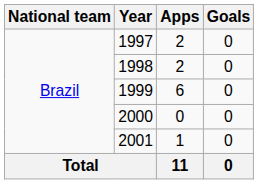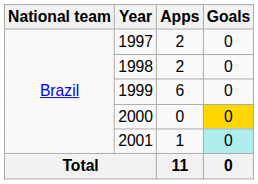 <table class="wikitable" style="text-align:center">
 <tr>
 <th>National team</th>
 <th>Year</th>
 <th>Apps</th>
 <th>Goals</th>
 </tr>
 <tr>
 <td rowspan="5"><a href='#'>Brazil</a></td>
 <td>1997</td>
 <td>2</td>
 <td>0</td>
 </tr>
 <tr>
 <td>1998</td>
 <td>2</td>
 <td>0</td>
 </tr>
 <tr>
 <td>1999</td>
 <td>6</td>
 <td>0</td>
 </tr>
 <tr>
 <td>2000</td>
 <td>0</td>
-<td>0</td>
+<td style="background: gold;">0</td>
 </tr>
 <tr>
 <td>2001</td>
 <td>1</td>
-<td>0</td>
+<td style="background: paleturquoise;">0</td>
 </tr>
 <tr>
 <th colspan="2">Total</th>
 <th>11</th>
 <th>0</th>
 </tr>
 </table>
